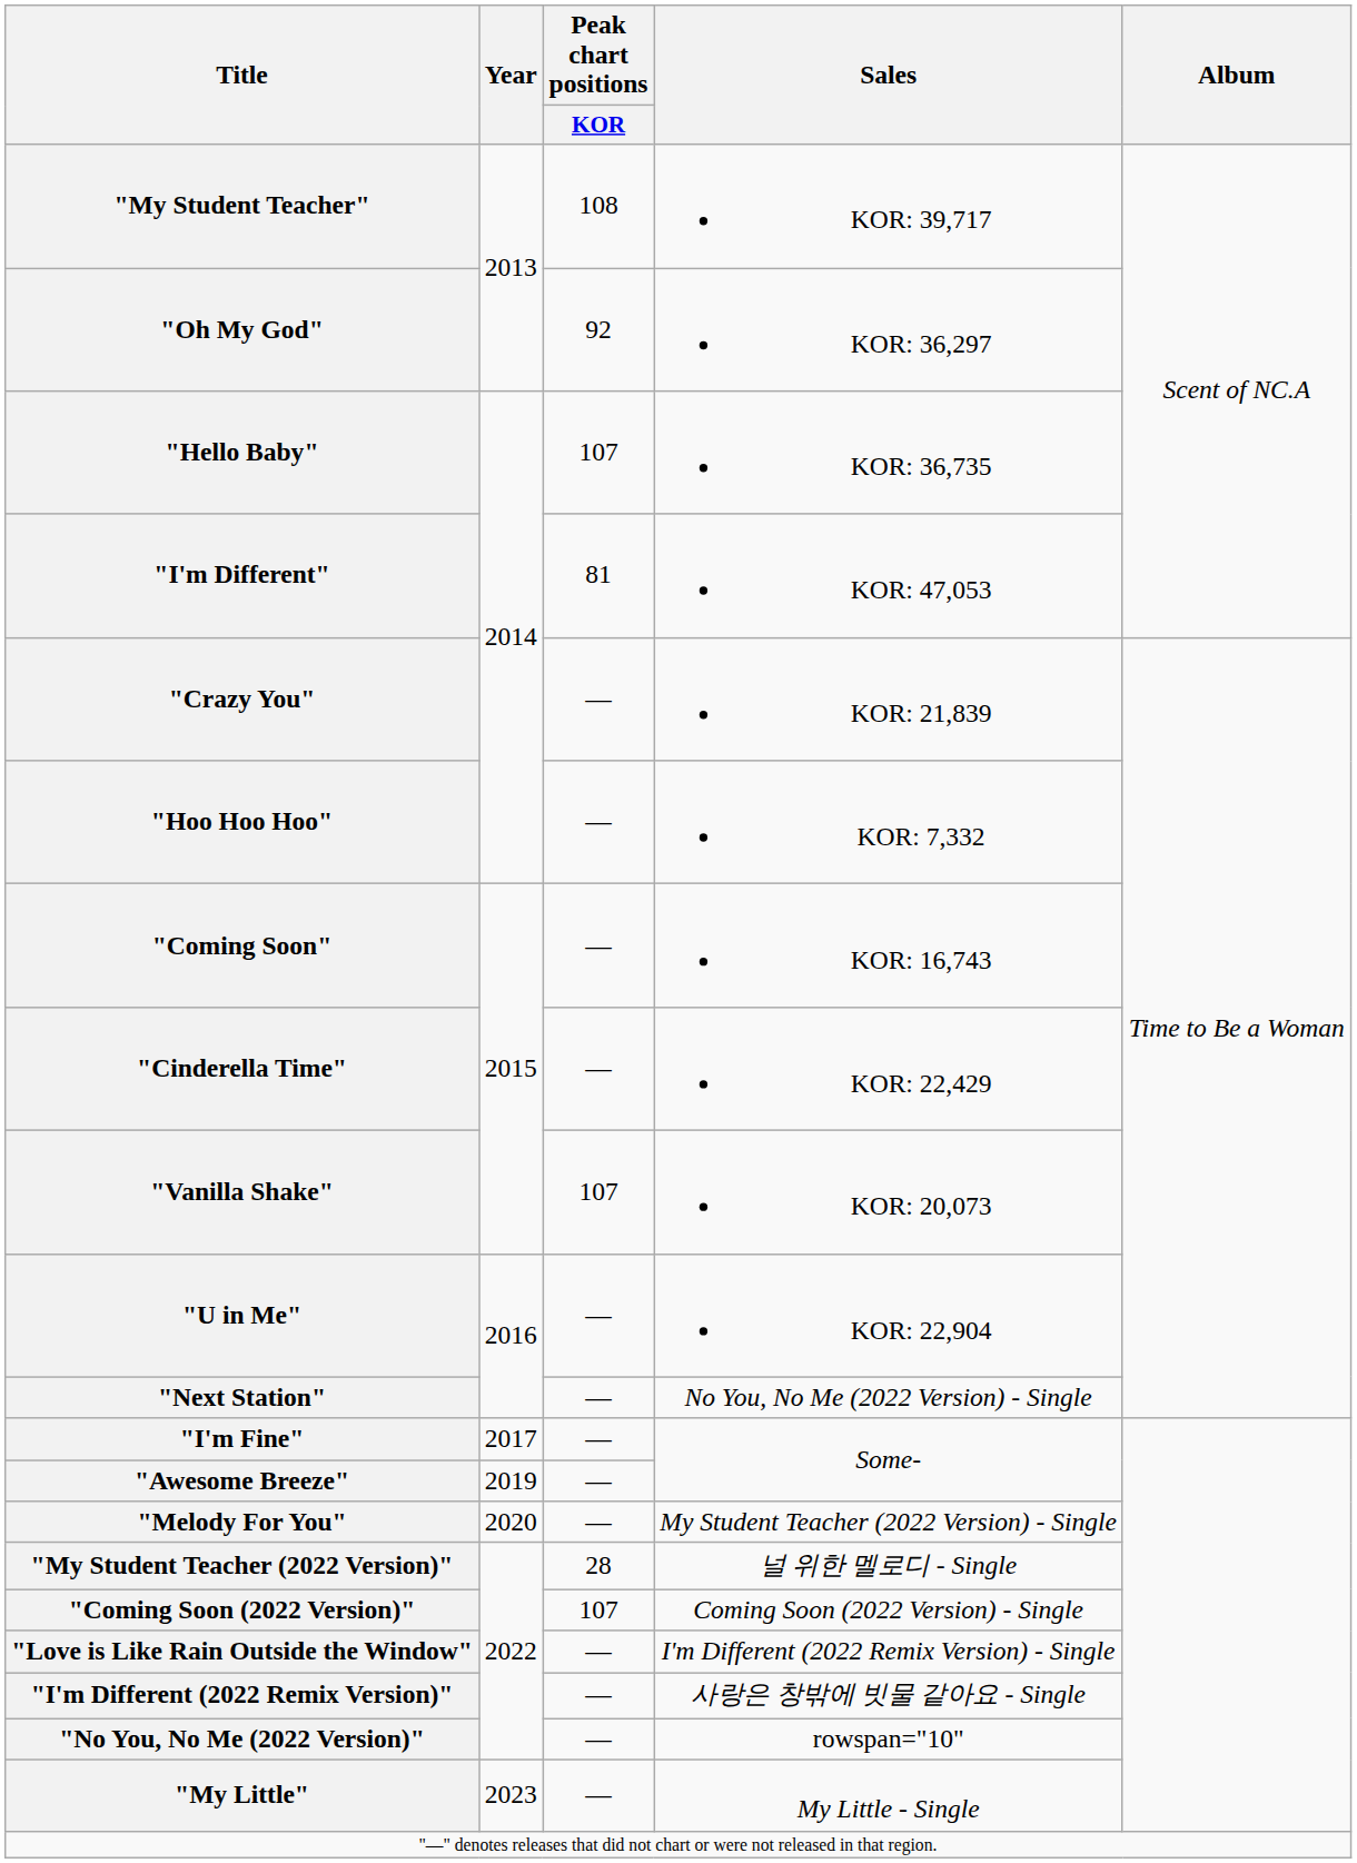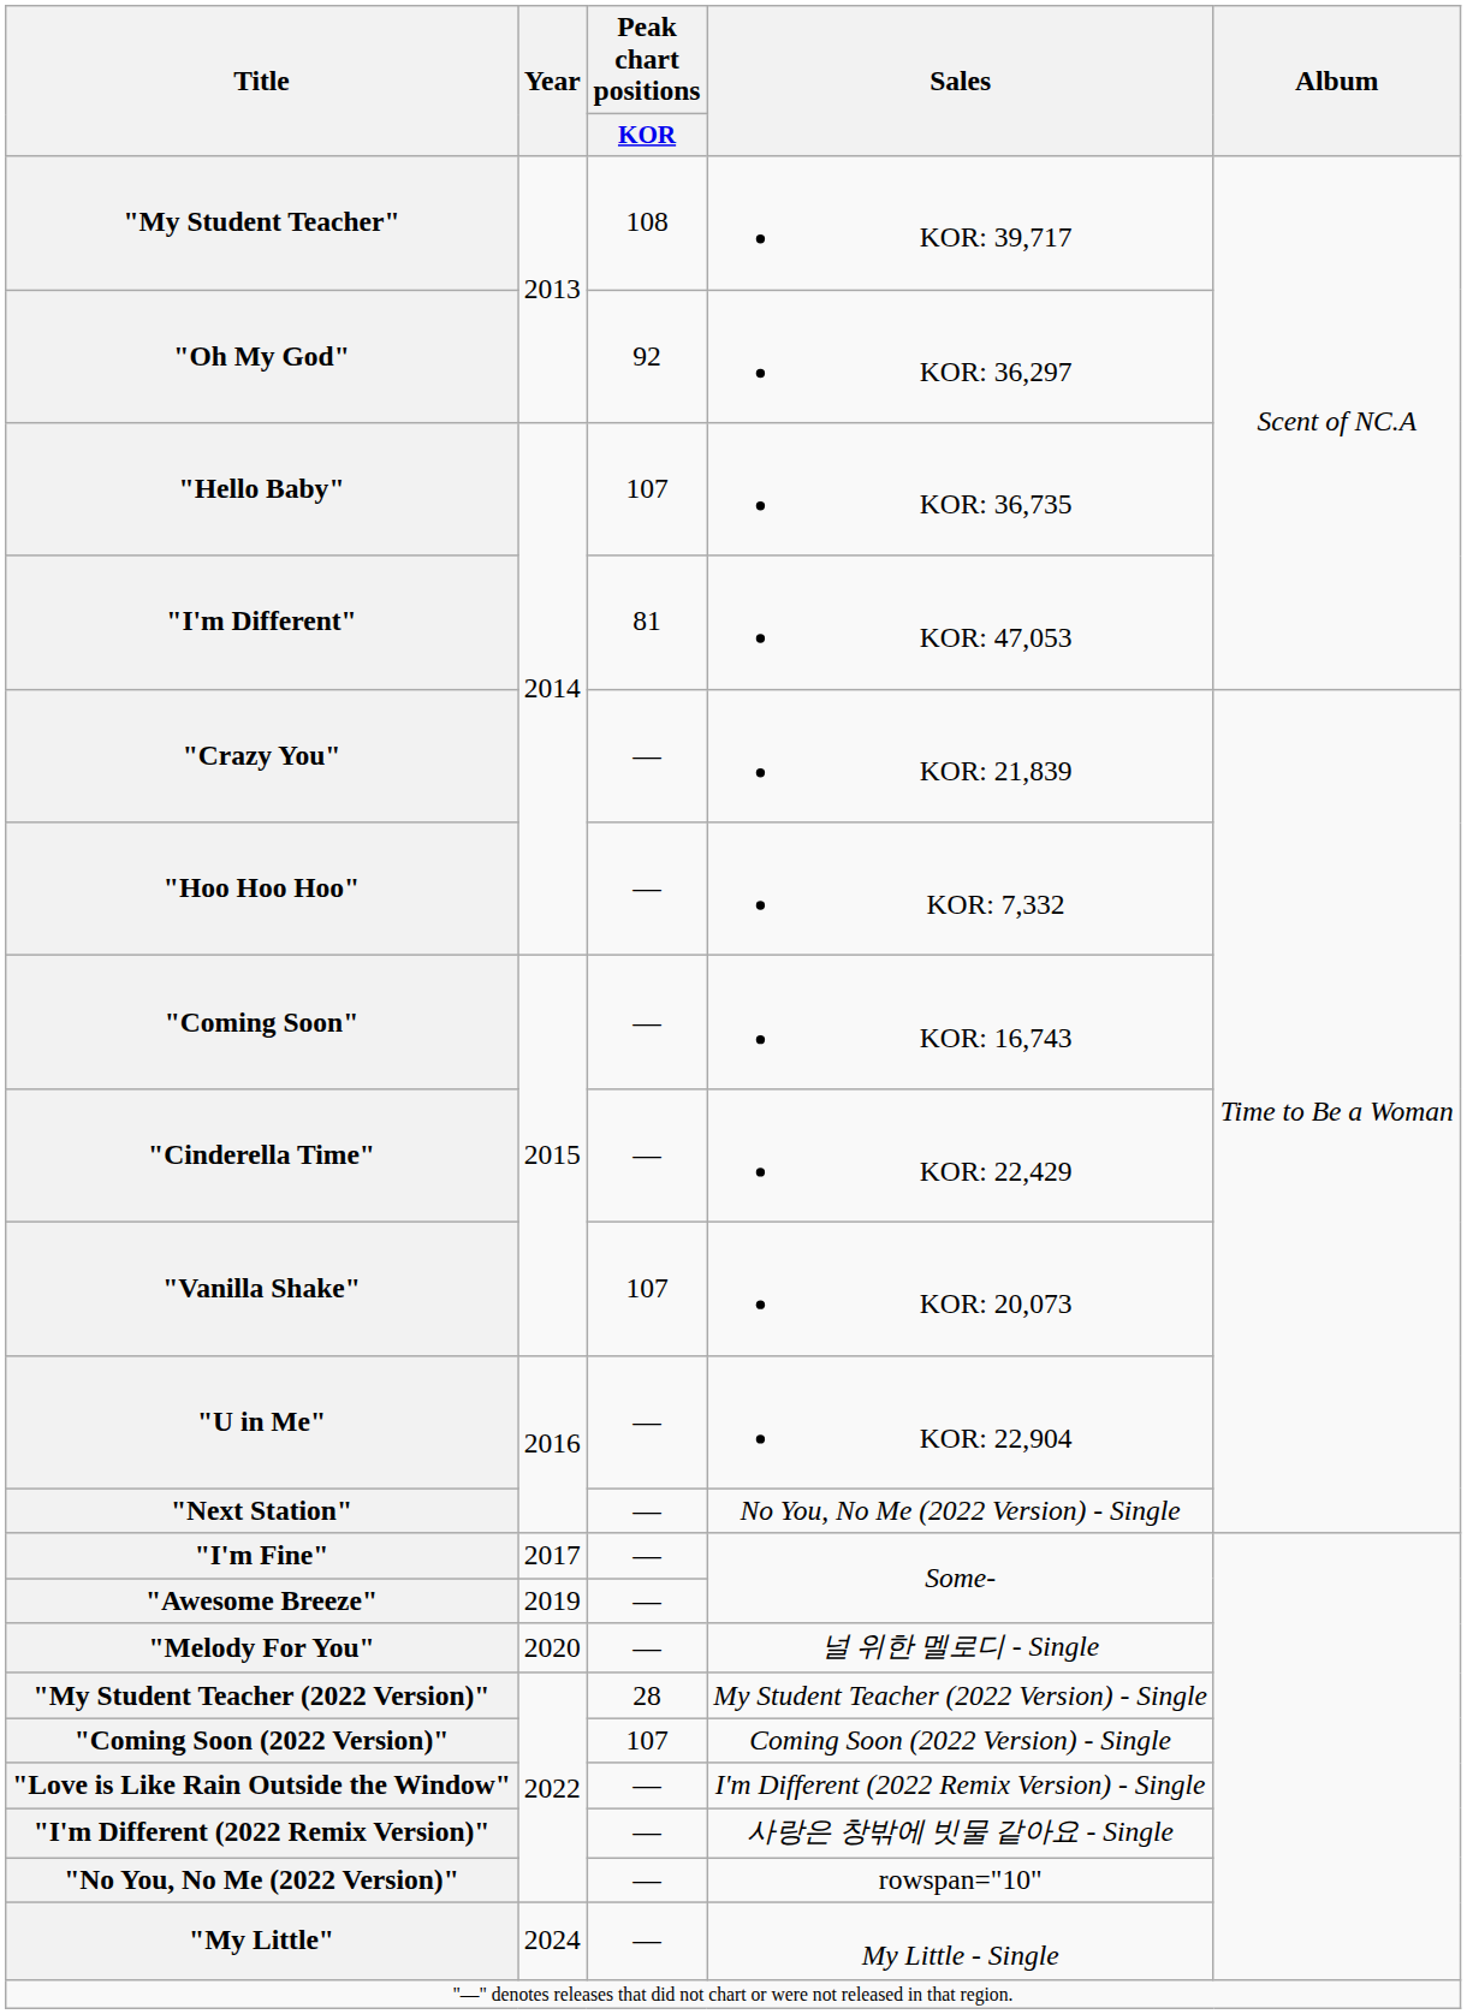 <table class="wikitable plainrowheaders" style="text-align:center;">
 <tr>
 <th scope="col" rowspan="2">Title</th>
 <th scope="col" rowspan="2">Year</th>
 <th scope="col">Peak chart positions</th>
 <th scope="col" rowspan="2">Sales</th>
 <th scope="col" rowspan="2">Album</th>
 </tr>
 <tr>
 <th scope="col" style="width:3em;font-size:90%;"><a href='#'>KOR</a><br></th>
 </tr>
 <tr>
 <th scope="row">"My Student Teacher" </th>
 <td rowspan="2">2013</td>
 <td>108</td>
 <td><br><ul><li>KOR: 39,717</li></ul></td>
 <td rowspan="4"><em>Scent of NC.A</em></td>
 </tr>
 <tr>
 <th scope="row">"Oh My God"</th>
 <td>92</td>
 <td><br><ul><li>KOR: 36,297</li></ul></td>
 </tr>
 <tr>
 <th scope="row">"Hello Baby"</th>
 <td rowspan="4">2014</td>
 <td>107</td>
 <td><br><ul><li>KOR: 36,735</li></ul></td>
 </tr>
 <tr>
 <th scope="row">"I'm Different" </th>
 <td>81</td>
 <td><br><ul><li>KOR: 47,053</li></ul></td>
 </tr>
 <tr>
 <th scope="row">"Crazy You" </th>
 <td>—</td>
 <td><br><ul><li>KOR: 21,839</li></ul></td>
 <td rowspan="7"><em>Time to Be a Woman</em></td>
 </tr>
 <tr>
 <th scope="row">"Hoo Hoo Hoo" </th>
 <td>—</td>
 <td><br><ul><li>KOR: 7,332</li></ul></td>
 </tr>
 <tr>
 <th scope="row">"Coming Soon"</th>
 <td rowspan="3">2015</td>
 <td>—</td>
 <td><br><ul><li>KOR: 16,743</li></ul></td>
 </tr>
 <tr>
 <th scope="row">"Cinderella Time" </th>
 <td>—</td>
 <td><br><ul><li>KOR: 22,429</li></ul></td>
 </tr>
 <tr>
 <th scope="row">"Vanilla Shake" </th>
 <td>107</td>
 <td><br><ul><li>KOR: 20,073</li></ul></td>
 </tr>
 <tr>
 <th scope="row">"U in Me"</th>
 <td rowspan="2">2016</td>
 <td>—</td>
 <td><br><ul><li>KOR: 22,904</li></ul></td>
 </tr>
 <tr>
 <th scope="row">"Next Station" </th>
 <td>—</td>
 <td><em>No You, No Me (2022 Version) - Single</em></td>
 </tr>
 <tr>
 <th scope="row">"I'm Fine"</th>
 <td>2017</td>
 <td>—</td>
 <td rowspan="2"><em>Some-</em></td>
 </tr>
 <tr>
 <th scope="row">"Awesome Breeze" </th>
 <td>2019</td>
 <td>—</td>
 </tr>
 <tr>
 <th scope="row">"Melody For You" </th>
 <td>2020</td>
 <td>—</td>
-<td><em>My Student Teacher (2022 Version) - Single</em></td>
+<td><em>널 위한 멜로디 - Single</em></td>
 </tr>
 <tr>
 <th scope="row">"My Student Teacher (2022 Version)" </th>
 <td rowspan="5">2022</td>
 <td>28</td>
-<td><em>널 위한 멜로디 - Single</em></td>
+<td><em>My Student Teacher (2022 Version) - Single</em></td>
 </tr>
 <tr>
 <th scope="row">"Coming Soon (2022 Version)"</th>
 <td>107</td>
 <td><em>Coming Soon (2022 Version) - Single</em></td>
 </tr>
 <tr>
 <th scope="row">"Love is Like Rain Outside the Window" </th>
 <td>—</td>
 <td><em>I'm Different (2022 Remix Version) - Single</em></td>
 </tr>
 <tr>
 <th scope="row">"I'm Different (2022 Remix Version)" </th>
 <td>—</td>
 <td><em>사랑은 창밖에 빗물 같아요 - Single</em></td>
 </tr>
 <tr>
 <th scope="row">"No You, No Me (2022 Version)" </th>
 <td>—</td>
 <td>rowspan="10" </td>
 </tr>
 <tr>
 <th scope="row">"My Little"</th>
-<td>2023</td>
+<td>2024</td>
 <td>—</td>
 <td><br><em>My Little - Single</em></td>
 </tr>
 <tr>
 <td colspan="5" style="font-size:8pt;">"—" denotes releases that did not chart or were not released in that region.</td>
 </tr>
 </table>
